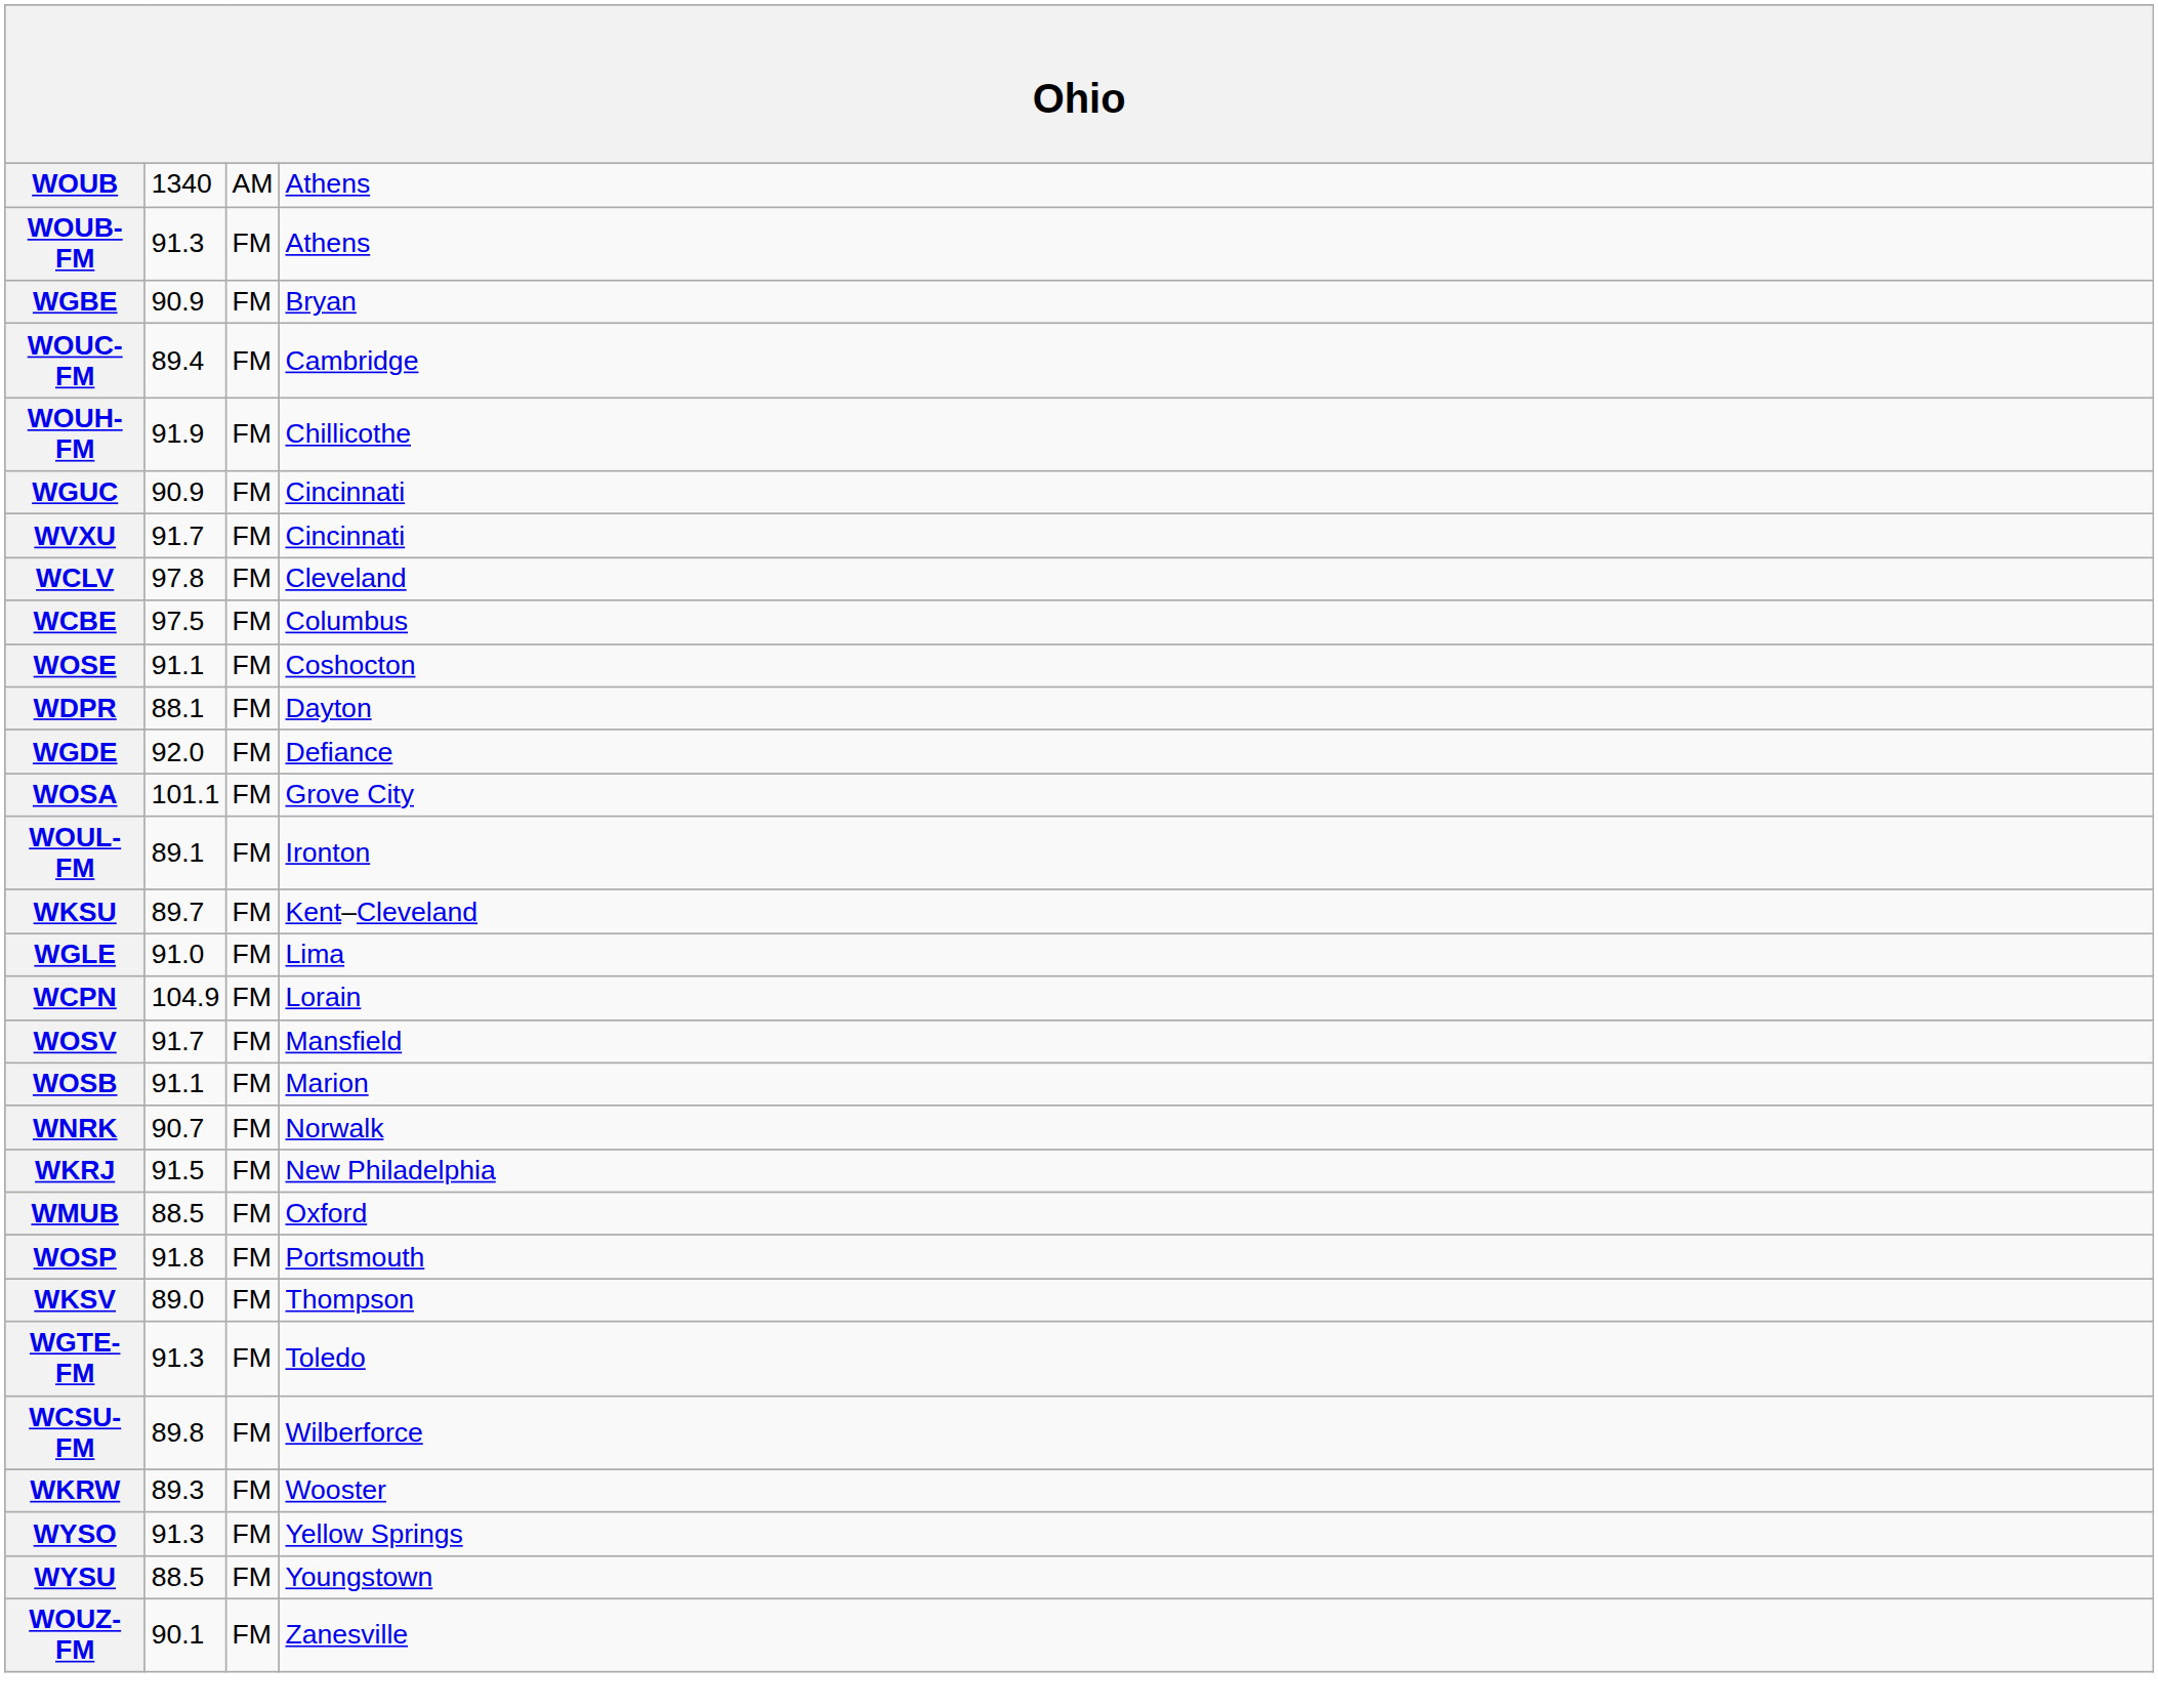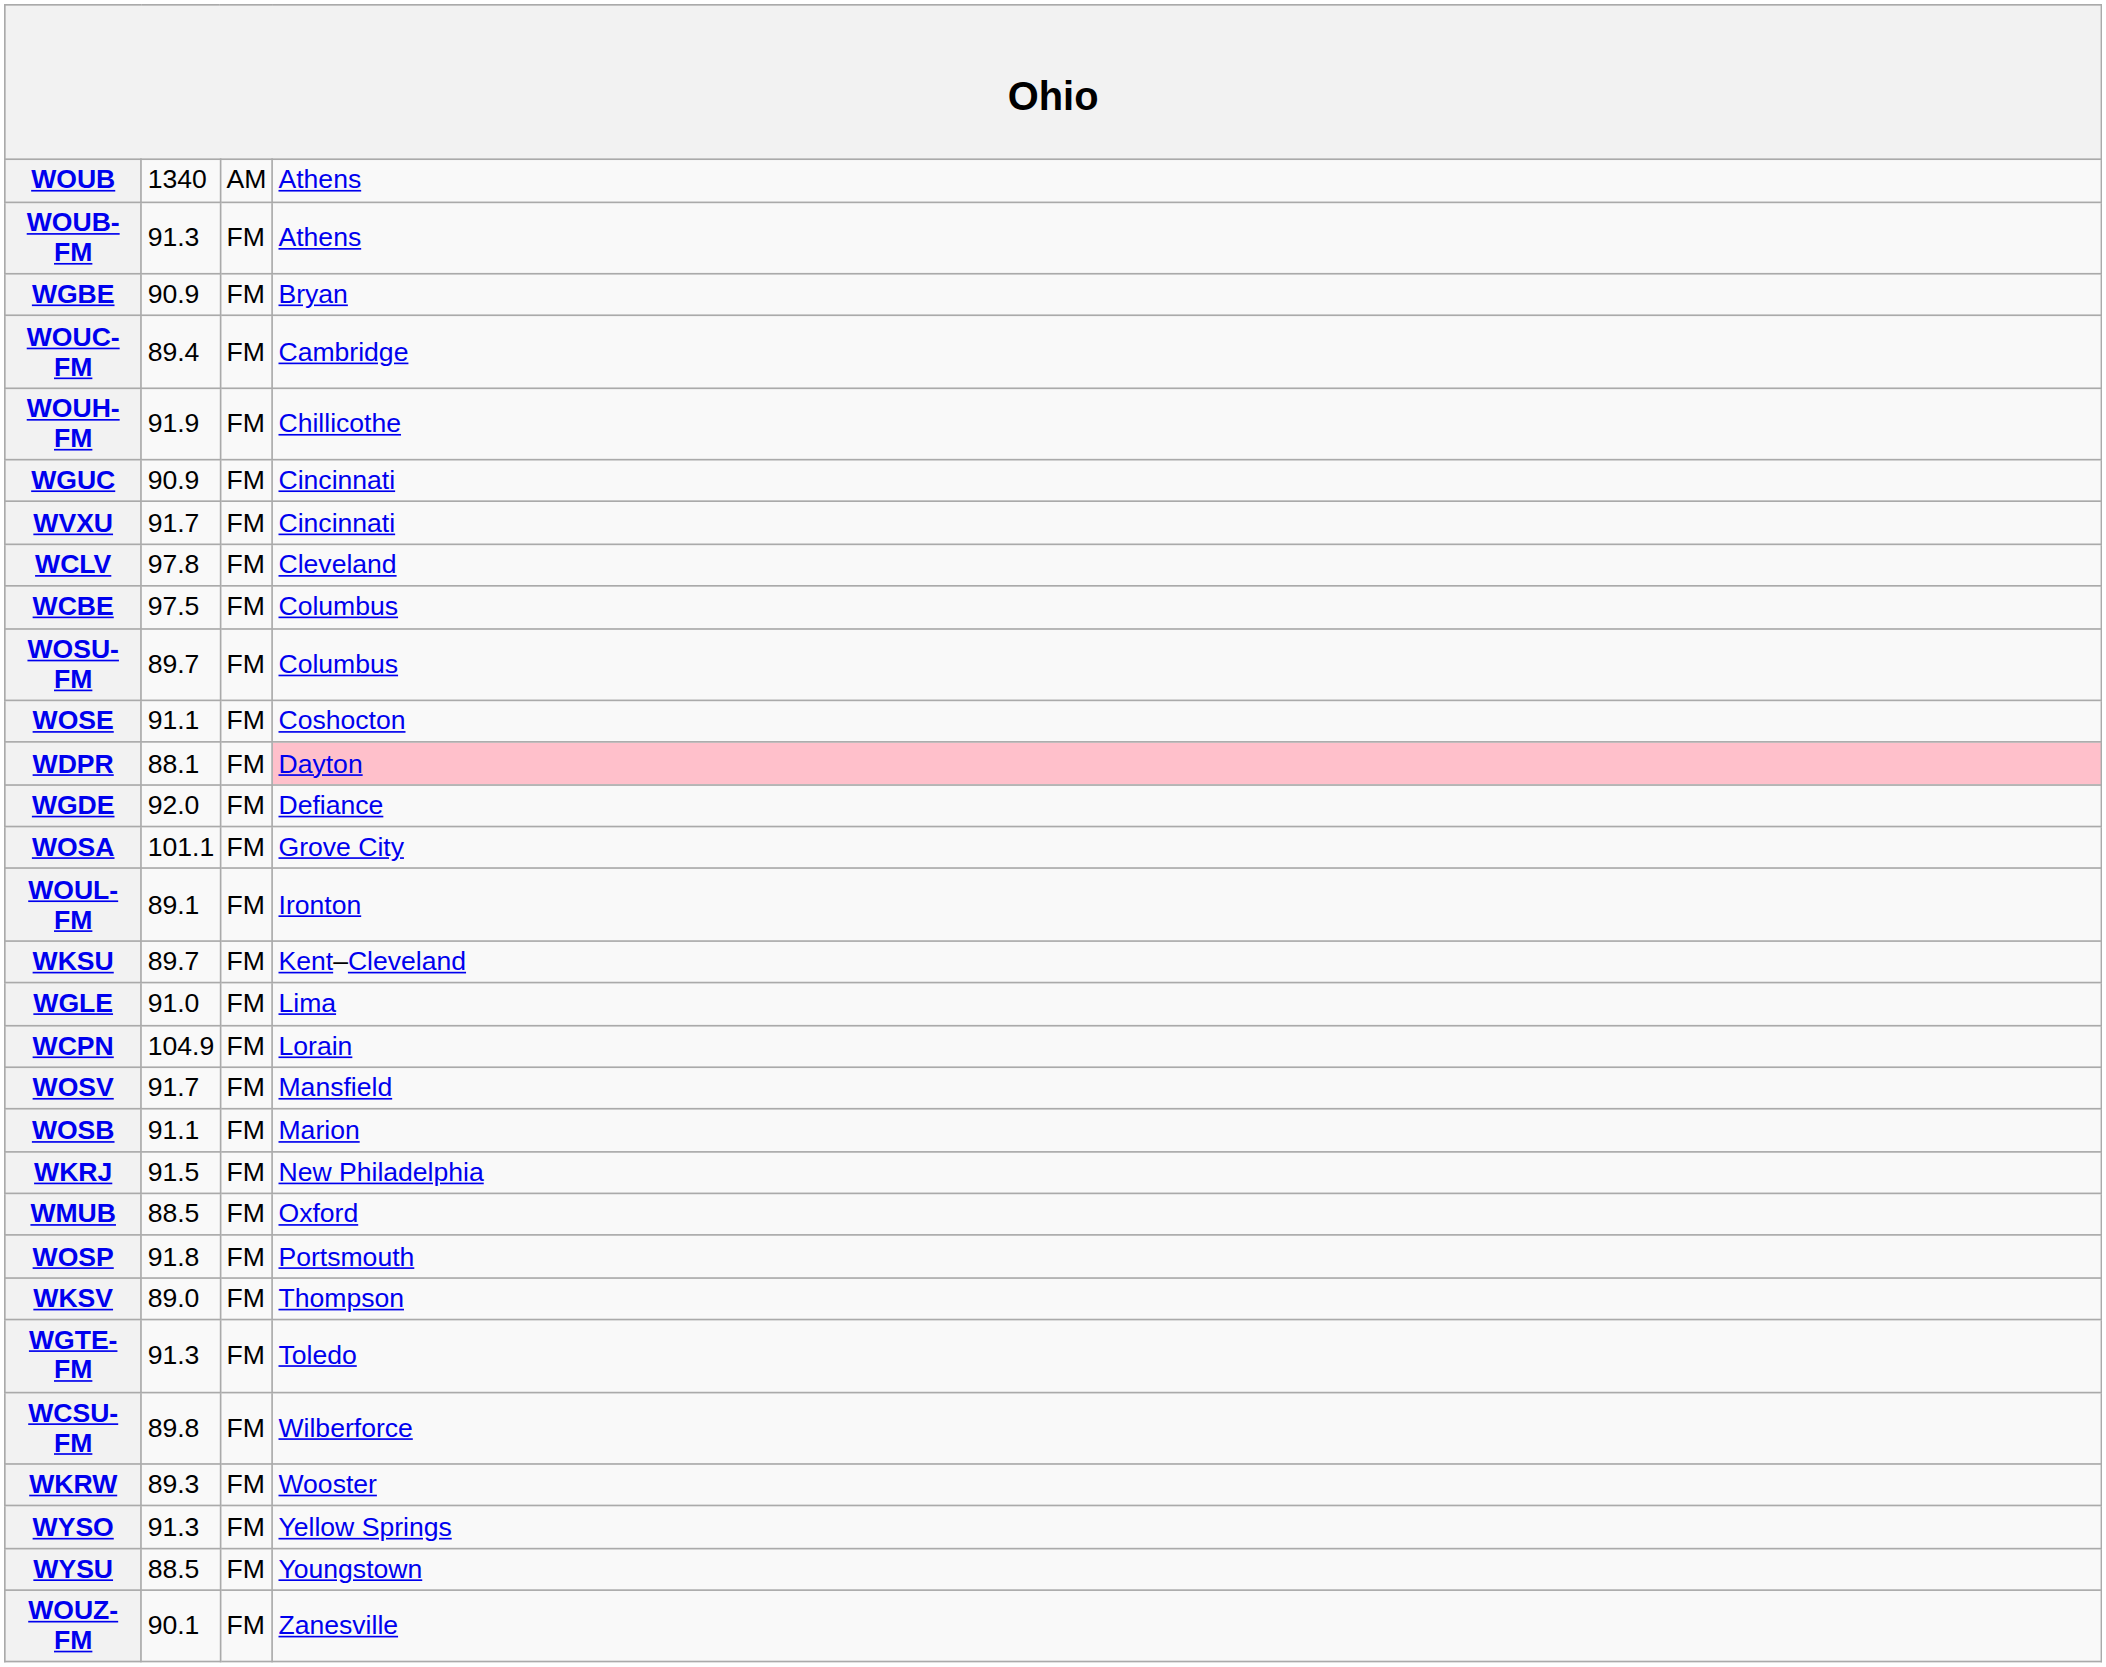 <table class="wikitable mw-collapsible" style="width:100%">
 <tr>
 <th scope="col" colspan="4"><br><h2>Ohio</h2></th>
 </tr>
 <tr>
 <th scope="row" style="width: 75px;"><a href='#'>WOUB</a></th>
 <td style="width: 40px;">1340</td>
 <td style="width: 21px;">AM</td>
 <td><a href='#'>Athens</a></td>
 </tr>
 <tr>
 <th scope="row"><a href='#'>WOUB-FM</a></th>
 <td>91.3</td>
 <td>FM</td>
 <td><a href='#'>Athens</a></td>
 </tr>
 <tr>
 <th scope="row"><a href='#'>WGBE</a></th>
 <td>90.9</td>
 <td>FM</td>
 <td><a href='#'>Bryan</a></td>
 </tr>
 <tr>
 <th scope="row"><a href='#'>WOUC-FM</a></th>
 <td>89.4</td>
 <td>FM</td>
 <td><a href='#'>Cambridge</a></td>
 </tr>
 <tr>
 <th scope="row"><a href='#'>WOUH-FM</a></th>
 <td>91.9</td>
 <td>FM</td>
 <td><a href='#'>Chillicothe</a></td>
 </tr>
 <tr>
 <th scope="row"><a href='#'>WGUC</a></th>
 <td>90.9</td>
 <td>FM</td>
 <td><a href='#'>Cincinnati</a></td>
 </tr>
 <tr>
 <th scope="row"><a href='#'>WVXU</a></th>
 <td>91.7</td>
 <td>FM</td>
 <td><a href='#'>Cincinnati</a></td>
 </tr>
 <tr>
 <th scope="row"><a href='#'>WCLV</a></th>
 <td>97.8</td>
 <td>FM</td>
 <td><a href='#'>Cleveland</a></td>
 </tr>
 <tr>
 <th scope="row"><a href='#'>WCBE</a></th>
 <td>97.5</td>
 <td>FM</td>
 <td><a href='#'>Columbus</a></td>
 </tr>
 <tr>
+<th scope="row"><a href='#'>WOSU-FM</a></th>
+<td>89.7</td>
+<td>FM</td>
+<td><a href='#'>Columbus</a></td>
+</tr>
+<tr>
 <th scope="row"><a href='#'>WOSE</a></th>
 <td>91.1</td>
 <td>FM</td>
 <td><a href='#'>Coshocton</a></td>
 </tr>
 <tr>
 <th scope="row"><a href='#'>WDPR</a></th>
 <td>88.1</td>
 <td>FM</td>
-<td><a href='#'>Dayton</a></td>
+<td style="background: pink;"><a href='#'>Dayton</a></td>
 </tr>
 <tr>
 <th scope="row"><a href='#'>WGDE</a></th>
 <td>92.0</td>
 <td>FM</td>
 <td><a href='#'>Defiance</a></td>
 </tr>
 <tr>
 <th scope="row"><a href='#'>WOSA</a></th>
 <td>101.1</td>
 <td>FM</td>
 <td><a href='#'>Grove City</a></td>
 </tr>
 <tr>
 <th scope="row"><a href='#'>WOUL-FM</a></th>
 <td>89.1</td>
 <td>FM</td>
 <td><a href='#'>Ironton</a></td>
 </tr>
 <tr>
 <th scope="row"><a href='#'>WKSU</a></th>
 <td>89.7</td>
 <td>FM</td>
 <td><a href='#'>Kent</a>–<a href='#'>Cleveland</a></td>
 </tr>
 <tr>
 <th scope="row"><a href='#'>WGLE</a></th>
 <td>91.0</td>
 <td>FM</td>
 <td><a href='#'>Lima</a></td>
 </tr>
 <tr>
 <th scope="row"><a href='#'>WCPN</a></th>
 <td>104.9</td>
 <td>FM</td>
 <td><a href='#'>Lorain</a></td>
 </tr>
 <tr>
 <th scope="row"><a href='#'>WOSV</a></th>
 <td>91.7</td>
 <td>FM</td>
 <td><a href='#'>Mansfield</a></td>
 </tr>
 <tr>
 <th scope="row"><a href='#'>WOSB</a></th>
 <td>91.1</td>
 <td>FM</td>
 <td><a href='#'>Marion</a></td>
-</tr>
-<tr>
-<th scope="row"><a href='#'>WNRK</a></th>
-<td>90.7</td>
-<td>FM</td>
-<td><a href='#'>Norwalk</a></td>
 </tr>
 <tr>
 <th scope="row"><a href='#'>WKRJ</a></th>
 <td>91.5</td>
 <td>FM</td>
 <td><a href='#'>New Philadelphia</a></td>
 </tr>
 <tr>
 <th scope="row"><a href='#'>WMUB</a></th>
 <td>88.5</td>
 <td>FM</td>
 <td><a href='#'>Oxford</a></td>
 </tr>
 <tr>
 <th scope="row"><a href='#'>WOSP</a></th>
 <td>91.8</td>
 <td>FM</td>
 <td><a href='#'>Portsmouth</a></td>
 </tr>
 <tr>
 <th scope="row"><a href='#'>WKSV</a></th>
 <td>89.0</td>
 <td>FM</td>
 <td><a href='#'>Thompson</a></td>
 </tr>
 <tr>
 <th scope="row"><a href='#'>WGTE-FM</a></th>
 <td>91.3</td>
 <td>FM</td>
 <td><a href='#'>Toledo</a></td>
 </tr>
 <tr>
 <th scope="row"><a href='#'>WCSU-FM</a></th>
 <td>89.8</td>
 <td>FM</td>
 <td><a href='#'>Wilberforce</a></td>
 </tr>
 <tr>
 <th scope="row"><a href='#'>WKRW</a></th>
 <td>89.3</td>
 <td>FM</td>
 <td><a href='#'>Wooster</a></td>
 </tr>
 <tr>
 <th scope="row"><a href='#'>WYSO</a></th>
 <td>91.3</td>
 <td>FM</td>
 <td><a href='#'>Yellow Springs</a></td>
 </tr>
 <tr>
 <th scope="row"><a href='#'>WYSU</a></th>
 <td>88.5</td>
 <td>FM</td>
 <td><a href='#'>Youngstown</a></td>
 </tr>
 <tr>
 <th scope="row"><a href='#'>WOUZ-FM</a></th>
 <td>90.1</td>
 <td>FM</td>
 <td><a href='#'>Zanesville</a></td>
 </tr>
 </table>
